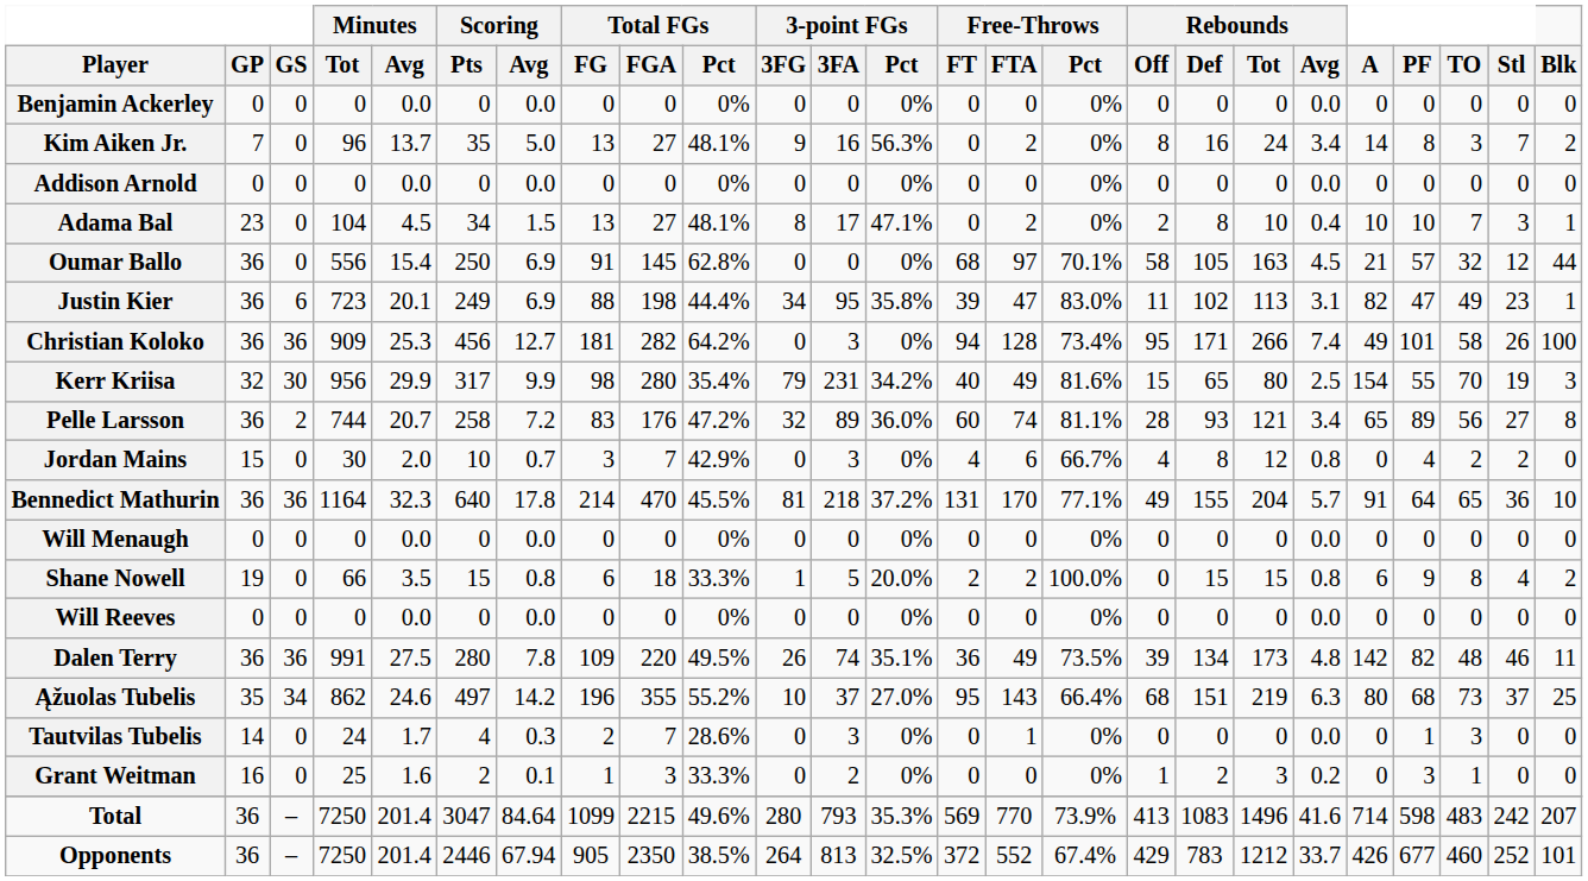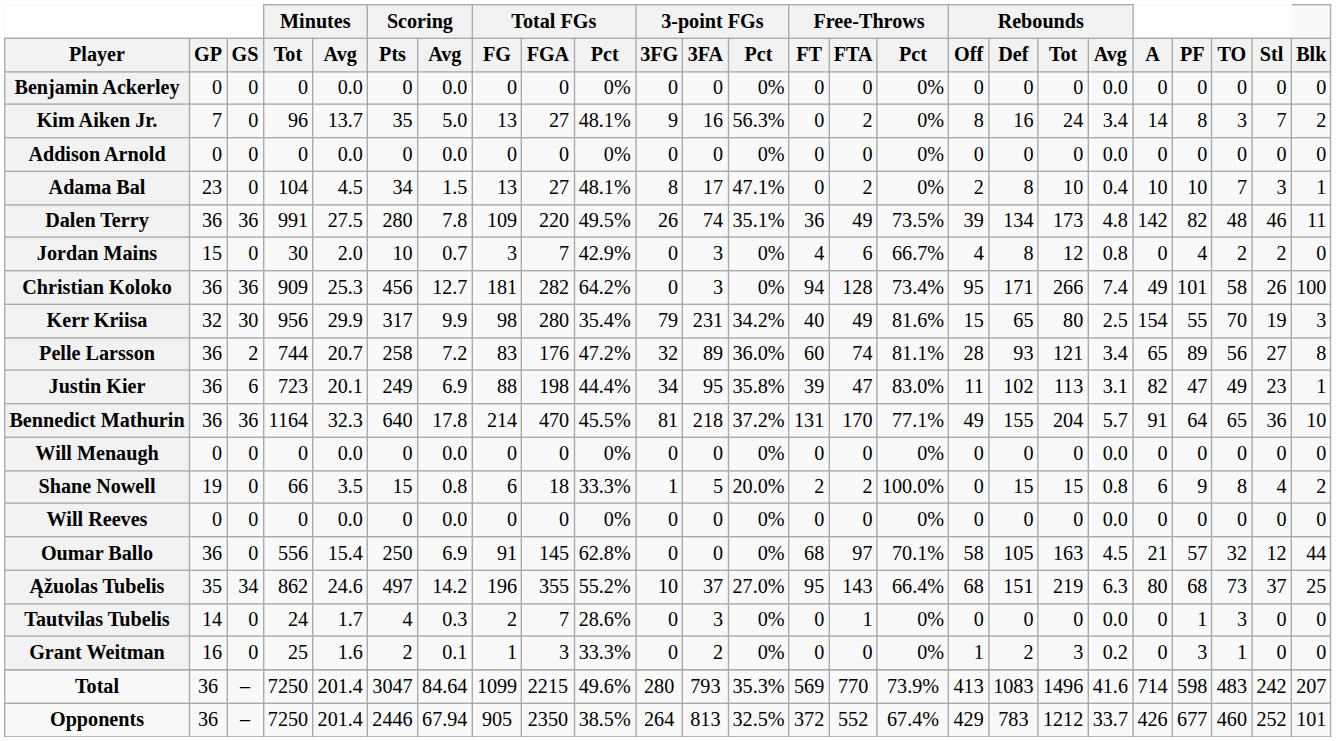 <table class="wikitable sortable" border="1" style="font-size:90%;">
 <tr>
 <th colspan="3" style="border-top-style:hidden; border-left-style:hidden; background: white;"></th>
 <th colspan="2" style=>Minutes</th>
 <th colspan="2" style=>Scoring</th>
 <th colspan="3" style=>Total FGs</th>
 <th colspan="3" style=>3-point FGs</th>
 <th colspan="3" style=>Free-Throws</th>
 <th colspan="4" style=>Rebounds</th>
 <th colspan="4" style="border-top-style:hidden; border-right-style:hidden; background: white;"></th>
 </tr>
 <tr>
 <th scope="col" style=>Player</th>
 <th scope="col" style=>GP</th>
 <th scope="col" style=>GS</th>
 <th scope="col" style=>Tot</th>
 <th scope="col" style=>Avg</th>
 <th scope="col" style=>Pts</th>
 <th scope="col" style=>Avg</th>
 <th scope="col" style=>FG</th>
 <th scope="col" style=>FGA</th>
 <th scope="col" style=>Pct</th>
 <th scope="col" style=>3FG</th>
 <th scope="col" style=>3FA</th>
 <th scope="col" style=>Pct</th>
 <th scope="col" style=>FT</th>
 <th scope="col" style=>FTA</th>
 <th scope="col" style=>Pct</th>
 <th scope="col" style=>Off</th>
 <th scope="col" style=>Def</th>
 <th scope="col" style=>Tot</th>
 <th scope="col" style=>Avg</th>
 <th scope="col" style=>A</th>
 <th scope="col">PF</th>
 <th scope="col">TO</th>
 <th scope="col" style=>Stl</th>
 <th scope="col" style=>Blk</th>
 </tr>
 <tr>
 <th>Benjamin Ackerley</th>
 <td align="right">0</td>
 <td align="right">0</td>
 <td align="right">0</td>
 <td align="right">0.0</td>
 <td align="right">0</td>
 <td align="right">0.0</td>
 <td align="right">0</td>
 <td align="right">0</td>
 <td align="right">0%</td>
 <td align="right">0</td>
 <td align="right">0</td>
 <td align="right">0%</td>
 <td align="right">0</td>
 <td align="right">0</td>
 <td align="right">0%</td>
 <td align="right">0</td>
 <td align="right">0</td>
 <td align="right">0</td>
 <td align="right">0.0</td>
 <td align="right">0</td>
 <td align="right">0</td>
 <td align="right">0</td>
 <td align="right">0</td>
 <td align="right">0</td>
 </tr>
 <tr>
 <th>Kim Aiken Jr.</th>
 <td align="right">7</td>
 <td align="right">0</td>
 <td align="right">96</td>
 <td align="right">13.7</td>
 <td align="right">35</td>
 <td align="right">5.0</td>
 <td align="right">13</td>
 <td align="right">27</td>
 <td align="right">48.1%</td>
 <td align="right">9</td>
 <td align="right">16</td>
 <td align="right">56.3%</td>
 <td align="right">0</td>
 <td align="right">2</td>
 <td align="right">0%</td>
 <td align="right">8</td>
 <td align="right">16</td>
 <td align="right">24</td>
 <td align="right">3.4</td>
 <td align="right">14</td>
 <td align="right">8</td>
 <td align="right">3</td>
 <td align="right">7</td>
 <td align="right">2</td>
 </tr>
 <tr>
 <th>Addison Arnold</th>
 <td align="right">0</td>
 <td align="right">0</td>
 <td align="right">0</td>
 <td align="right">0.0</td>
 <td align="right">0</td>
 <td align="right">0.0</td>
 <td align="right">0</td>
 <td align="right">0</td>
 <td align="right">0%</td>
 <td align="right">0</td>
 <td align="right">0</td>
 <td align="right">0%</td>
 <td align="right">0</td>
 <td align="right">0</td>
 <td align="right">0%</td>
 <td align="right">0</td>
 <td align="right">0</td>
 <td align="right">0</td>
 <td align="right">0.0</td>
 <td align="right">0</td>
 <td align="right">0</td>
 <td align="right">0</td>
 <td align="right">0</td>
 <td align="right">0</td>
 </tr>
 <tr>
 <th>Adama Bal</th>
 <td align="right">23</td>
 <td align="right">0</td>
 <td align="right">104</td>
 <td align="right">4.5</td>
 <td align="right">34</td>
 <td align="right">1.5</td>
 <td align="right">13</td>
 <td align="right">27</td>
 <td align="right">48.1%</td>
 <td align="right">8</td>
 <td align="right">17</td>
 <td align="right">47.1%</td>
 <td align="right">0</td>
 <td align="right">2</td>
 <td align="right">0%</td>
 <td align="right">2</td>
 <td align="right">8</td>
 <td align="right">10</td>
 <td align="right">0.4</td>
 <td align="right">10</td>
 <td align="right">10</td>
 <td align="right">7</td>
 <td align="right">3</td>
 <td align="right">1</td>
 </tr>
 <tr>
-<th style=white-space:nowrap>Oumar Ballo</th>
+<th style=white-space:nowrap>Dalen Terry</th>
 <td align="right">36</td>
-<td align="right">0</td>
-<td align="right">556</td>
-<td align="right">15.4</td>
-<td align="right">250</td>
-<td align="right">6.9</td>
-<td align="right">91</td>
-<td align="right">145</td>
-<td align="right">62.8%</td>
-<td align="right">0</td>
-<td align="right">0</td>
-<td align="right">0%</td>
-<td align="right">68</td>
-<td align="right">97</td>
-<td align="right">70.1%</td>
-<td align="right">58</td>
-<td align="right">105</td>
-<td align="right">163</td>
-<td align="right">4.5</td>
-<td align="right">21</td>
-<td align="right">57</td>
-<td align="right">32</td>
-<td align="right">12</td>
-<td align="right">44</td>
+<td align="right">36</td>
+<td align="right">991</td>
+<td align="right">27.5</td>
+<td align="right">280</td>
+<td align="right">7.8</td>
+<td align="right">109</td>
+<td align="right">220</td>
+<td align="right">49.5%</td>
+<td align="right">26</td>
+<td align="right">74</td>
+<td align="right">35.1%</td>
+<td align="right">36</td>
+<td align="right">49</td>
+<td align="right">73.5%</td>
+<td align="right">39</td>
+<td align="right">134</td>
+<td align="right">173</td>
+<td align="right">4.8</td>
+<td align="right">142</td>
+<td align="right">82</td>
+<td align="right">48</td>
+<td align="right">46</td>
+<td align="right">11</td>
 </tr>
 <tr>
-<th style=white-space:nowrap>Justin Kier</th>
-<td align="right">36</td>
+<th style=white-space:nowrap>Jordan Mains</th>
+<td align="right">15</td>
+<td align="right">0</td>
+<td align="right">30</td>
+<td align="right">2.0</td>
+<td align="right">10</td>
+<td align="right">0.7</td>
+<td align="right">3</td>
+<td align="right">7</td>
+<td align="right">42.9%</td>
+<td align="right">0</td>
+<td align="right">3</td>
+<td align="right">0%</td>
+<td align="right">4</td>
 <td align="right">6</td>
-<td align="right">723</td>
-<td align="right">20.1</td>
-<td align="right">249</td>
-<td align="right">6.9</td>
-<td align="right">88</td>
-<td align="right">198</td>
-<td align="right">44.4%</td>
-<td align="right">34</td>
-<td align="right">95</td>
-<td align="right">35.8%</td>
-<td align="right">39</td>
-<td align="right">47</td>
-<td align="right">83.0%</td>
-<td align="right">11</td>
-<td align="right">102</td>
-<td align="right">113</td>
-<td align="right">3.1</td>
-<td align="right">82</td>
-<td align="right">47</td>
-<td align="right">49</td>
-<td align="right">23</td>
-<td align="right">1</td>
+<td align="right">66.7%</td>
+<td align="right">4</td>
+<td align="right">8</td>
+<td align="right">12</td>
+<td align="right">0.8</td>
+<td align="right">0</td>
+<td align="right">4</td>
+<td align="right">2</td>
+<td align="right">2</td>
+<td align="right">0</td>
 </tr>
 <tr>
 <th style=white-space:nowrap>Christian Koloko</th>
 <td align="right">36</td>
 <td align="right">36</td>
 <td align="right">909</td>
 <td align="right">25.3</td>
 <td align="right">456</td>
 <td align="right">12.7</td>
 <td align="right">181</td>
 <td align="right">282</td>
 <td align="right">64.2%</td>
 <td align="right">0</td>
 <td align="right">3</td>
 <td align="right">0%</td>
 <td align="right">94</td>
 <td align="right">128</td>
 <td align="right">73.4%</td>
 <td align="right">95</td>
 <td align="right">171</td>
 <td align="right">266</td>
 <td align="right">7.4</td>
 <td align="right">49</td>
 <td align="right">101</td>
 <td align="right">58</td>
 <td align="right">26</td>
 <td align="right">100</td>
 </tr>
 <tr>
 <th style=white-space:nowrap>Kerr Kriisa</th>
 <td align="right">32</td>
 <td align="right">30</td>
 <td align="right">956</td>
 <td align="right">29.9</td>
 <td align="right">317</td>
 <td align="right">9.9</td>
 <td align="right">98</td>
 <td align="right">280</td>
 <td align="right">35.4%</td>
 <td align="right">79</td>
 <td align="right">231</td>
 <td align="right">34.2%</td>
 <td align="right">40</td>
 <td align="right">49</td>
 <td align="right">81.6%</td>
 <td align="right">15</td>
 <td align="right">65</td>
 <td align="right">80</td>
 <td align="right">2.5</td>
 <td align="right">154</td>
 <td align="right">55</td>
 <td align="right">70</td>
 <td align="right">19</td>
 <td align="right">3</td>
 </tr>
 <tr>
 <th style=white-space:nowrap>Pelle Larsson</th>
 <td align="right">36</td>
 <td align="right">2</td>
 <td align="right">744</td>
 <td align="right">20.7</td>
 <td align="right">258</td>
 <td align="right">7.2</td>
 <td align="right">83</td>
 <td align="right">176</td>
 <td align="right">47.2%</td>
 <td align="right">32</td>
 <td align="right">89</td>
 <td align="right">36.0%</td>
 <td align="right">60</td>
 <td align="right">74</td>
 <td align="right">81.1%</td>
 <td align="right">28</td>
 <td align="right">93</td>
 <td align="right">121</td>
 <td align="right">3.4</td>
 <td align="right">65</td>
 <td align="right">89</td>
 <td align="right">56</td>
 <td align="right">27</td>
 <td align="right">8</td>
 </tr>
 <tr>
-<th style=white-space:nowrap>Jordan Mains</th>
-<td align="right">15</td>
-<td align="right">0</td>
-<td align="right">30</td>
-<td align="right">2.0</td>
-<td align="right">10</td>
-<td align="right">0.7</td>
-<td align="right">3</td>
-<td align="right">7</td>
-<td align="right">42.9%</td>
-<td align="right">0</td>
-<td align="right">3</td>
-<td align="right">0%</td>
-<td align="right">4</td>
+<th style=white-space:nowrap>Justin Kier</th>
+<td align="right">36</td>
 <td align="right">6</td>
-<td align="right">66.7%</td>
-<td align="right">4</td>
-<td align="right">8</td>
-<td align="right">12</td>
-<td align="right">0.8</td>
-<td align="right">0</td>
-<td align="right">4</td>
-<td align="right">2</td>
-<td align="right">2</td>
-<td align="right">0</td>
+<td align="right">723</td>
+<td align="right">20.1</td>
+<td align="right">249</td>
+<td align="right">6.9</td>
+<td align="right">88</td>
+<td align="right">198</td>
+<td align="right">44.4%</td>
+<td align="right">34</td>
+<td align="right">95</td>
+<td align="right">35.8%</td>
+<td align="right">39</td>
+<td align="right">47</td>
+<td align="right">83.0%</td>
+<td align="right">11</td>
+<td align="right">102</td>
+<td align="right">113</td>
+<td align="right">3.1</td>
+<td align="right">82</td>
+<td align="right">47</td>
+<td align="right">49</td>
+<td align="right">23</td>
+<td align="right">1</td>
 </tr>
 <tr>
 <th style=white-space:nowrap>Bennedict Mathurin</th>
 <td align="right">36</td>
 <td align="right">36</td>
 <td align="right">1164</td>
 <td align="right">32.3</td>
 <td align="right">640</td>
 <td align="right">17.8</td>
 <td align="right">214</td>
 <td align="right">470</td>
 <td align="right">45.5%</td>
 <td align="right">81</td>
 <td align="right">218</td>
 <td align="right">37.2%</td>
 <td align="right">131</td>
 <td align="right">170</td>
 <td align="right">77.1%</td>
 <td align="right">49</td>
 <td align="right">155</td>
 <td align="right">204</td>
 <td align="right">5.7</td>
 <td align="right">91</td>
 <td align="right">64</td>
 <td align="right">65</td>
 <td align="right">36</td>
 <td align="right">10</td>
 </tr>
 <tr>
 <th style=white-space:nowrap>Will Menaugh</th>
 <td align="right">0</td>
 <td align="right">0</td>
 <td align="right">0</td>
 <td align="right">0.0</td>
 <td align="right">0</td>
 <td align="right">0.0</td>
 <td align="right">0</td>
 <td align="right">0</td>
 <td align="right">0%</td>
 <td align="right">0</td>
 <td align="right">0</td>
 <td align="right">0%</td>
 <td align="right">0</td>
 <td align="right">0</td>
 <td align="right">0%</td>
 <td align="right">0</td>
 <td align="right">0</td>
 <td align="right">0</td>
 <td align="right">0.0</td>
 <td align="right">0</td>
 <td align="right">0</td>
 <td align="right">0</td>
 <td align="right">0</td>
 <td align="right">0</td>
 </tr>
 <tr>
 <th style=white-space:nowrap>Shane Nowell</th>
 <td align="right">19</td>
 <td align="right">0</td>
 <td align="right">66</td>
 <td align="right">3.5</td>
 <td align="right">15</td>
 <td align="right">0.8</td>
 <td align="right">6</td>
 <td align="right">18</td>
 <td align="right">33.3%</td>
 <td align="right">1</td>
 <td align="right">5</td>
 <td align="right">20.0%</td>
 <td align="right">2</td>
 <td align="right">2</td>
 <td align="right">100.0%</td>
 <td align="right">0</td>
 <td align="right">15</td>
 <td align="right">15</td>
 <td align="right">0.8</td>
 <td align="right">6</td>
 <td align="right">9</td>
 <td align="right">8</td>
 <td align="right">4</td>
 <td align="right">2</td>
 </tr>
 <tr>
 <th style=white-space:nowrap>Will Reeves</th>
 <td align="right">0</td>
 <td align="right">0</td>
 <td align="right">0</td>
 <td align="right">0.0</td>
 <td align="right">0</td>
 <td align="right">0.0</td>
 <td align="right">0</td>
 <td align="right">0</td>
 <td align="right">0%</td>
 <td align="right">0</td>
 <td align="right">0</td>
 <td align="right">0%</td>
 <td align="right">0</td>
 <td align="right">0</td>
 <td align="right">0%</td>
 <td align="right">0</td>
 <td align="right">0</td>
 <td align="right">0</td>
 <td align="right">0.0</td>
 <td align="right">0</td>
 <td align="right">0</td>
 <td align="right">0</td>
 <td align="right">0</td>
 <td align="right">0</td>
 </tr>
 <tr>
-<th style=white-space:nowrap>Dalen Terry</th>
+<th style=white-space:nowrap>Oumar Ballo</th>
 <td align="right">36</td>
-<td align="right">36</td>
-<td align="right">991</td>
-<td align="right">27.5</td>
-<td align="right">280</td>
-<td align="right">7.8</td>
-<td align="right">109</td>
-<td align="right">220</td>
-<td align="right">49.5%</td>
-<td align="right">26</td>
-<td align="right">74</td>
-<td align="right">35.1%</td>
-<td align="right">36</td>
-<td align="right">49</td>
-<td align="right">73.5%</td>
-<td align="right">39</td>
-<td align="right">134</td>
-<td align="right">173</td>
-<td align="right">4.8</td>
-<td align="right">142</td>
-<td align="right">82</td>
-<td align="right">48</td>
-<td align="right">46</td>
-<td align="right">11</td>
+<td align="right">0</td>
+<td align="right">556</td>
+<td align="right">15.4</td>
+<td align="right">250</td>
+<td align="right">6.9</td>
+<td align="right">91</td>
+<td align="right">145</td>
+<td align="right">62.8%</td>
+<td align="right">0</td>
+<td align="right">0</td>
+<td align="right">0%</td>
+<td align="right">68</td>
+<td align="right">97</td>
+<td align="right">70.1%</td>
+<td align="right">58</td>
+<td align="right">105</td>
+<td align="right">163</td>
+<td align="right">4.5</td>
+<td align="right">21</td>
+<td align="right">57</td>
+<td align="right">32</td>
+<td align="right">12</td>
+<td align="right">44</td>
 </tr>
 <tr>
 <th style=white-space:nowrap>Ąžuolas Tubelis</th>
 <td align="right">35</td>
 <td align="right">34</td>
 <td align="right">862</td>
 <td align="right">24.6</td>
 <td align="right">497</td>
 <td align="right">14.2</td>
 <td align="right">196</td>
 <td align="right">355</td>
 <td align="right">55.2%</td>
 <td align="right">10</td>
 <td align="right">37</td>
 <td align="right">27.0%</td>
 <td align="right">95</td>
 <td align="right">143</td>
 <td align="right">66.4%</td>
 <td align="right">68</td>
 <td align="right">151</td>
 <td align="right">219</td>
 <td align="right">6.3</td>
 <td align="right">80</td>
 <td align="right">68</td>
 <td align="right">73</td>
 <td align="right">37</td>
 <td align="right">25</td>
 </tr>
 <tr>
 <th style=white-space:nowrap>Tautvilas Tubelis</th>
 <td align="right">14</td>
 <td align="right">0</td>
 <td align="right">24</td>
 <td align="right">1.7</td>
 <td align="right">4</td>
 <td align="right">0.3</td>
 <td align="right">2</td>
 <td align="right">7</td>
 <td align="right">28.6%</td>
 <td align="right">0</td>
 <td align="right">3</td>
 <td align="right">0%</td>
 <td align="right">0</td>
 <td align="right">1</td>
 <td align="right">0%</td>
 <td align="right">0</td>
 <td align="right">0</td>
 <td align="right">0</td>
 <td align="right">0.0</td>
 <td align="right">0</td>
 <td align="right">1</td>
 <td align="right">3</td>
 <td align="right">0</td>
 <td align="right">0</td>
 </tr>
 <tr>
 <th style=white-space:nowrap>Grant Weitman</th>
 <td align="right">16</td>
 <td align="right">0</td>
 <td align="right">25</td>
 <td align="right">1.6</td>
 <td align="right">2</td>
 <td align="right">0.1</td>
 <td align="right">1</td>
 <td align="right">3</td>
 <td align="right">33.3%</td>
 <td align="right">0</td>
 <td align="right">2</td>
 <td align="right">0%</td>
 <td align="right">0</td>
 <td align="right">0</td>
 <td align="right">0%</td>
 <td align="right">1</td>
 <td align="right">2</td>
 <td align="right">3</td>
 <td align="right">0.2</td>
 <td align="right">0</td>
 <td align="right">3</td>
 <td align="right">1</td>
 <td align="right">0</td>
 <td align="right">0</td>
 </tr>
 <tr>
 </tr>
 <tr class="sortbottom">
 <td align="center" style=><strong>Total</strong></td>
 <td align="center" style=>36</td>
 <td align="center" style=>–</td>
 <td align="center" style=>7250</td>
 <td align="center" style=>201.4</td>
 <td align="center" style=>3047</td>
 <td align="center" style=>84.64</td>
 <td align="center" style=>1099</td>
 <td align="center" style=>2215</td>
 <td align="center" style=>49.6%</td>
 <td align="center" style=>280</td>
 <td align="center" style=>793</td>
 <td align="center" style=>35.3%</td>
 <td align="center" style=>569</td>
 <td align="center" style=>770</td>
 <td align="center" style=>73.9%</td>
 <td align="center" style=>413</td>
 <td align="center" style=>1083</td>
 <td align="center" style=>1496</td>
 <td align="center" style=>41.6</td>
 <td align="center" style=>714</td>
 <td align="center" style=>598</td>
 <td align="center">483</td>
 <td align="center">242</td>
 <td align="center">207</td>
 </tr>
 <tr class="sortbottom">
 <td align="center"><strong>Opponents</strong></td>
 <td align="center">36</td>
 <td align="center">–</td>
 <td align="center">7250</td>
 <td align="center">201.4</td>
 <td align="center">2446</td>
 <td align="center">67.94</td>
 <td align="center">905</td>
 <td align="center">2350</td>
 <td align="center">38.5%</td>
 <td align="center">264</td>
 <td align="center">813</td>
 <td align="center">32.5%</td>
 <td align="center">372</td>
 <td align="center">552</td>
 <td align="center">67.4%</td>
 <td align="center">429</td>
 <td align="center">783</td>
 <td align="center">1212</td>
 <td align="center">33.7</td>
 <td align="center">426</td>
 <td align="center">677</td>
 <td align="center">460</td>
 <td align="center">252</td>
 <td align="center">101</td>
 </tr>
 </table>
